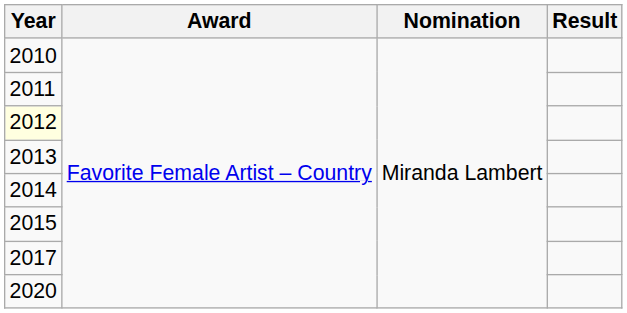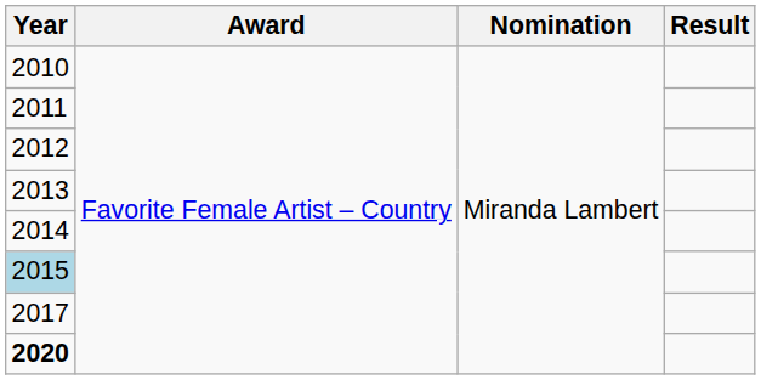 <table class="wikitable">
 <tr>
 <th>Year</th>
 <th>Award</th>
 <th>Nomination</th>
 <th>Result</th>
 </tr>
 <tr>
 <td>2010</td>
 <td rowspan="8"><a href='#'>Favorite Female Artist – Country</a></td>
 <td rowspan="8">Miranda Lambert</td>
 <td></td>
 </tr>
 <tr>
 <td>2011</td>
 <td></td>
 </tr>
 <tr>
-<td style="background: lightyellow;">2012</td>
+<td>2012</td>
 <td></td>
 </tr>
 <tr>
 <td>2013</td>
 <td></td>
 </tr>
 <tr>
 <td>2014</td>
 <td></td>
 </tr>
 <tr>
-<td>2015</td>
+<td style="background: lightblue;">2015</td>
 <td></td>
 </tr>
 <tr>
 <td>2017</td>
 <td></td>
 </tr>
 <tr>
-<td>2020</td>
+<td><strong>2020</strong></td>
 <td></td>
 </tr>
 </table>
